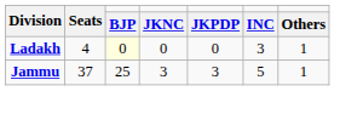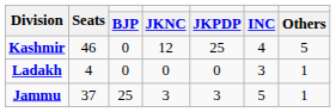 <table class="wikitable sortable" style="text-align:center;">
 <tr>
 <th rowspan="2">Division</th>
 <th rowspan="2">Seats</th>
 <td></td>
 <td></td>
 <td></td>
 <td></td>
 <td></td>
 </tr>
 <tr>
 <th><a href='#'>BJP</a></th>
 <th><a href='#'>JKNC</a></th>
 <th><a href='#'>JKPDP</a></th>
 <th><a href='#'>INC</a></th>
 <th>Others</th>
 </tr>
 <tr>
+<td><strong><a href='#'>Kashmir</a></strong></td>
+<td>46</td>
+<td>0</td>
+<td>12</td>
+<td style="background:">25</td>
+<td>4</td>
+<td>5</td>
+</tr>
+<tr>
 <td><strong><a href='#'>Ladakh</a></strong></td>
 <td>4</td>
-<td style="background: lightyellow;">0</td>
+<td>0</td>
 <td>0</td>
 <td>0</td>
 <td style="background:">3</td>
 <td>1</td>
 </tr>
 <tr>
 <td><strong><a href='#'>Jammu</a></strong></td>
 <td>37</td>
 <td style="background:">25</td>
 <td>3</td>
 <td>3</td>
 <td>5</td>
 <td>1</td>
 </tr>
 </table>
